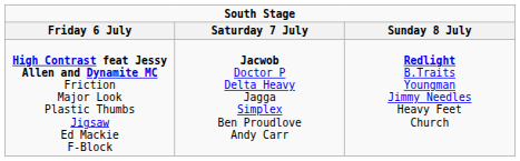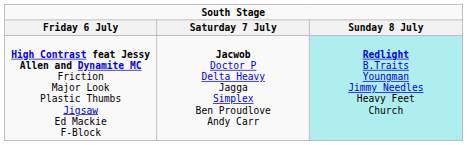 <table class="wikitable">
 <tr>
 <td colspan="3" align="center"><strong>South Stage</strong></td>
 </tr>
 <tr>
 <th>Friday 6 July</th>
 <th>Saturday 7 July</th>
 <th>Sunday 8 July</th>
 </tr>
 <tr>
 <td valign="top" align="center" width=200><br><strong><a href='#'>High Contrast</a> feat Jessy Allen and <a href='#'>Dynamite MC</a></strong>  <br> Friction <br> Major Look <br> Plastic Thumbs <br> <a href='#'>Jigsaw</a> <br> Ed Mackie <br> F-Block</td>
 <td valign="top" align="center" width=200><br><strong>Jacwob</strong> <br> <a href='#'>Doctor P</a> <br> <a href='#'>Delta Heavy</a> <br> Jagga <br> <a href='#'>Simplex</a> <br> Ben Proudlove <br> Andy Carr</td>
-<td valign="top" align="center" width=200><br><strong><a href='#'>Redlight</a></strong> <br> <a href='#'>B.Traits</a> <br> <a href='#'>Youngman</a> <br> <a href='#'>Jimmy Needles</a> <br> Heavy Feet <br> Church</td>
+<td valign="top" align="center" width=200 style="background: paleturquoise;"><br><strong><a href='#'>Redlight</a></strong> <br> <a href='#'>B.Traits</a> <br> <a href='#'>Youngman</a> <br> <a href='#'>Jimmy Needles</a> <br> Heavy Feet <br> Church</td>
 </tr>
 </table>
